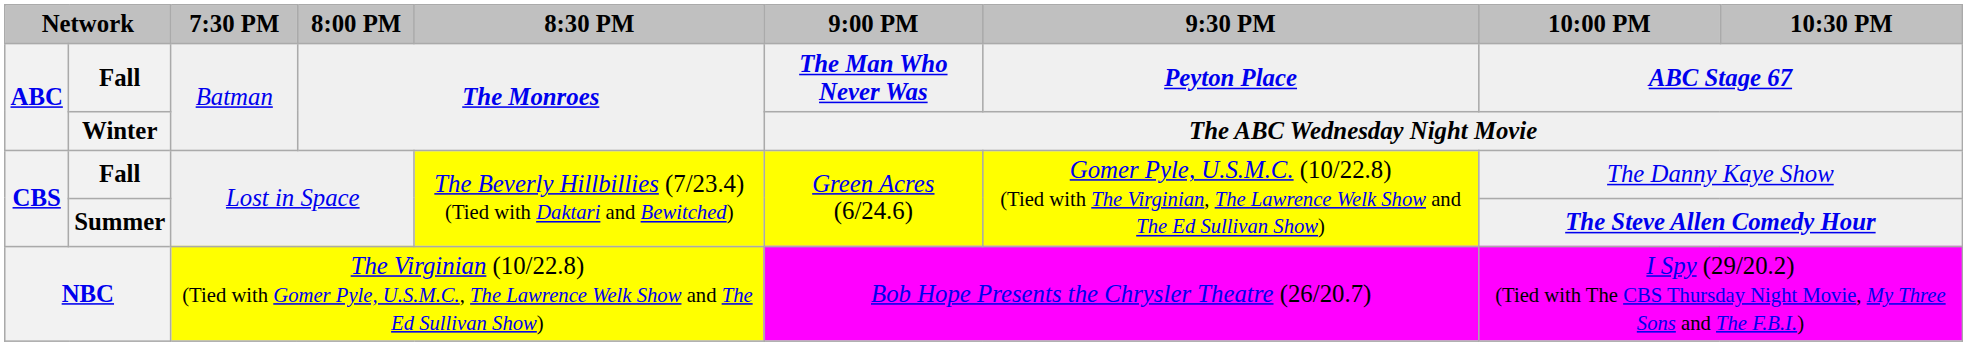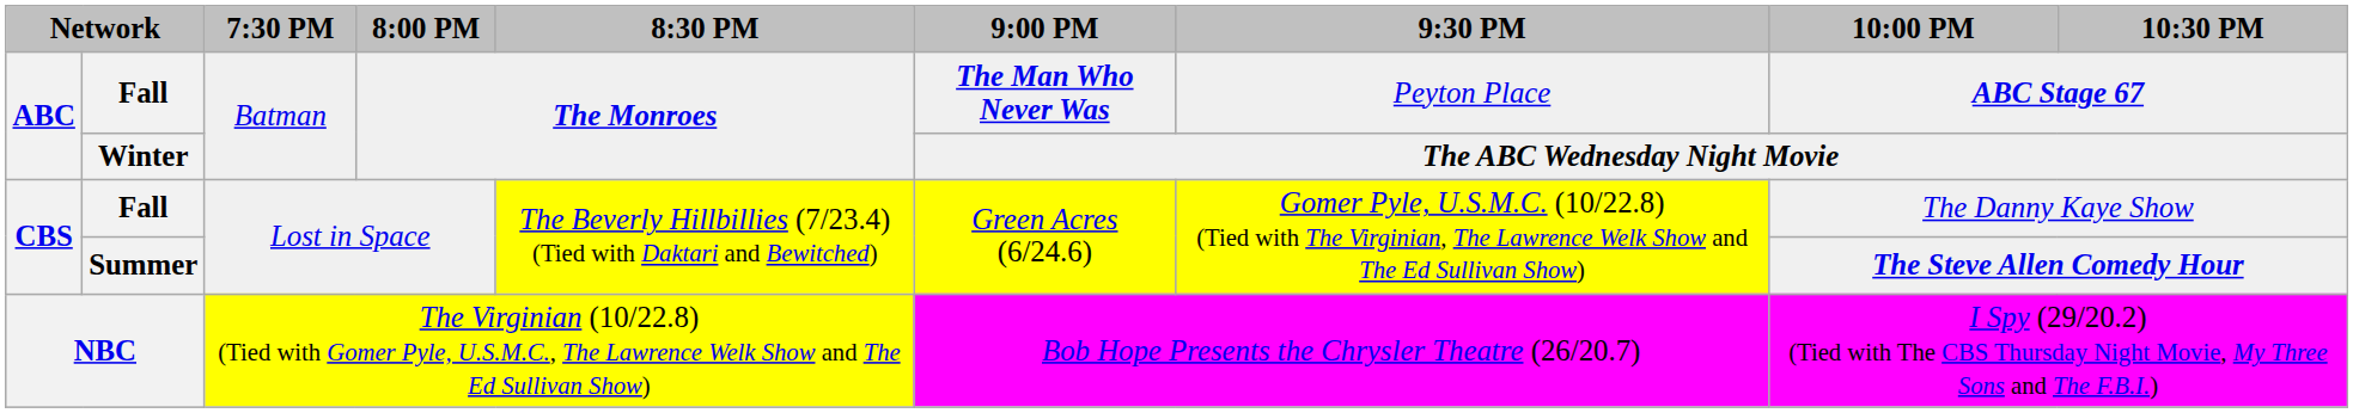 <table class="wikitable" style="width:100%;margin-right:0;text-align:center">
 <tr>
 <th colspan="2" style="background-color:#C0C0C0;text-align:center">Network</th>
 <th style="background-color:#C0C0C0;text-align:center">7:30 PM</th>
 <th style="background-color:#C0C0C0;text-align:center">8:00 PM</th>
 <th style="background-color:#C0C0C0;text-align:center">8:30 PM</th>
 <th style="background-color:#C0C0C0;text-align:center">9:00 PM</th>
 <th style="background-color:#C0C0C0;text-align:center">9:30 PM</th>
 <th style="background-color:#C0C0C0;text-align:center">10:00 PM</th>
 <th style="background-color:#C0C0C0;text-align:center">10:30 PM</th>
 </tr>
 <tr>
 <th bgcolor="#C0C0C0" rowspan="2"><a href='#'>ABC</a></th>
 <th>Fall</th>
 <td bgcolor="#F0F0F0" rowspan="2"><em><a href='#'>Batman</a></em></td>
 <td bgcolor="#F0F0F0" colspan="2" rowspan="2"><strong><em><a href='#'>The Monroes</a></em></strong></td>
 <td bgcolor="#F0F0F0"><strong><em><a href='#'>The Man Who Never Was</a></em></strong></td>
-<td bgcolor="#F0F0F0"><strong><em><a href='#'>Peyton Place</a></em></strong></td>
+<td bgcolor="#F0F0F0"><em><a href='#'>Peyton Place</a></em></td>
 <td bgcolor="#F0F0F0" colspan="2"><strong><em><a href='#'>ABC Stage 67</a></em></strong></td>
 </tr>
 <tr>
 <th>Winter</th>
 <td bgcolor="#F0F0F0" colspan="4"><strong><em>The ABC Wednesday Night Movie</em></strong></td>
 </tr>
 <tr>
 <th bgcolor="#C0C0C0" rowspan="2"><a href='#'>CBS</a></th>
 <th>Fall</th>
 <td bgcolor="#F0F0F0" colspan="2" rowspan="2"><em><a href='#'>Lost in Space</a></em></td>
 <td bgcolor="#FFFF00" rowspan="2"><em><a href='#'>The Beverly Hillbillies</a></em> (7/23.4)<br><small>(Tied with <em><a href='#'>Daktari</a></em> and <em><a href='#'>Bewitched</a></em>)</small></td>
 <td bgcolor="#FFFF00" rowspan="2"><em><a href='#'>Green Acres</a></em> (6/24.6)</td>
 <td bgcolor="#FFFF00" rowspan="2"><em><a href='#'>Gomer Pyle, U.S.M.C.</a></em> (10/22.8)<br><small>(Tied with <em><a href='#'>The Virginian</a></em>, <em><a href='#'>The Lawrence Welk Show</a></em> and <em><a href='#'>The Ed Sullivan Show</a></em>)</small></td>
 <td bgcolor="#F0F0F0" colspan="2"><em><a href='#'>The Danny Kaye Show</a></em></td>
 </tr>
 <tr>
 <th>Summer</th>
 <td bgcolor="#F0F0F0" colspan="2"><strong><em><a href='#'>The Steve Allen Comedy Hour</a></em></strong></td>
 </tr>
 <tr>
 <th bgcolor="#C0C0C0" colspan="2"><a href='#'>NBC</a></th>
 <td bgcolor="#FFFF00" colspan="3"><em><a href='#'>The Virginian</a></em> (10/22.8)<br><small>(Tied with <em><a href='#'>Gomer Pyle, U.S.M.C.</a></em>, <em><a href='#'>The Lawrence Welk Show</a></em> and <em><a href='#'>The Ed Sullivan Show</a></em>)</small></td>
 <td bgcolor="#FF00FF" colspan="2"><em><a href='#'>Bob Hope Presents the Chrysler Theatre</a></em> (26/20.7)</td>
 <td bgcolor="#FF00FF" colspan="2"><em><a href='#'>I Spy</a></em> (29/20.2)<br><small>(Tied with The <a href='#'>CBS Thursday Night Movie</a>, <em><a href='#'>My Three Sons</a></em> and <em><a href='#'>The F.B.I.</a></em>)</small></td>
 </tr>
 </table>
